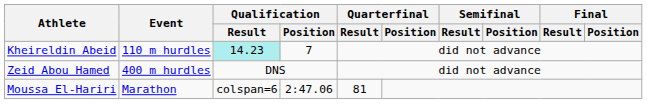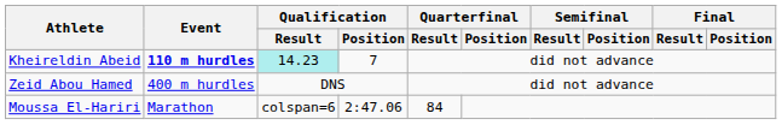 <table class=wikitable style="font-size:90%">
 <tr>
 <th rowspan="2">Athlete</th>
 <th rowspan="2">Event</th>
 <th colspan="2">Qualification</th>
 <th colspan="2">Quarterfinal</th>
 <th colspan="2">Semifinal</th>
 <th colspan="2">Final</th>
 </tr>
 <tr style="font-size:95%">
 <th>Result</th>
 <th>Position</th>
 <th>Result</th>
 <th>Position</th>
 <th>Result</th>
 <th>Position</th>
 <th>Result</th>
 <th>Position</th>
 </tr>
 <tr align=center>
 <td align=left><a href='#'>Kheireldin Abeid</a></td>
-<td align=left><a href='#'>110 m hurdles</a></td>
+<td align=left><strong><a href='#'>110 m hurdles</a></strong></td>
 <td style="background: paleturquoise;">14.23</td>
 <td>7</td>
 <td colspan=6>did not advance</td>
 </tr>
 <tr align=center>
 <td align=left><a href='#'>Zeid Abou Hamed</a></td>
 <td align=left><a href='#'>400 m hurdles</a></td>
 <td colspan=2>DNS</td>
 <td colspan=6>did not advance</td>
 </tr>
 <tr align=center>
 <td align=left><a href='#'>Moussa El-Hariri</a></td>
 <td align=left><a href='#'>Marathon</a></td>
 <td>colspan=6 </td>
 <td>2:47.06</td>
-<td>81</td>
+<td>84</td>
 </tr>
 </table>
